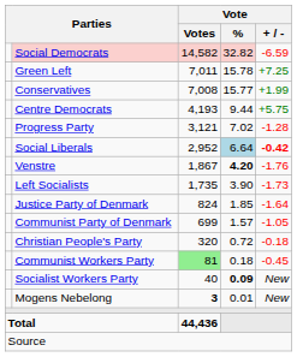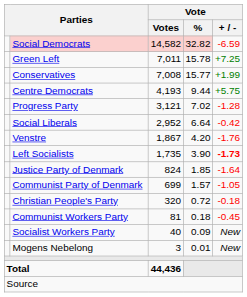 <table class="wikitable" style="text-align:right;">
 <tr>
 <th style="text-align:centre;" rowspan="2" colspan="2" width="225">Parties</th>
 <th colspan="3">Vote</th>
 </tr>
 <tr>
 <th width="15">Votes</th>
 <th width="15">%</th>
 <th width="15">+ / -</th>
 </tr>
 <tr>
 <td width="2" style="color:inherit;background:"></td>
 <td bgcolor=#fbd0ce  align="left"><a href='#'>Social Democrats</a></td>
 <td bgcolor=#fbd0ce>14,582</td>
 <td bgcolor=#fbd0ce>32.82</td>
 <td style=color:red;>-6.59</td>
 </tr>
 <tr>
 <td width="2" style="color:inherit;background:"></td>
 <td align="left"><a href='#'>Green Left</a></td>
 <td>7,011</td>
 <td>15.78</td>
 <td style=color:green;>+7.25</td>
 </tr>
 <tr>
 <td width="2" style="color:inherit;background:"></td>
 <td align="left"><a href='#'>Conservatives</a></td>
 <td>7,008</td>
 <td>15.77</td>
 <td style=color:green;>+1.99</td>
 </tr>
 <tr>
 <td width="2" style="color:inherit;background:"></td>
 <td align="left"><a href='#'>Centre Democrats</a></td>
 <td>4,193</td>
 <td>9.44</td>
 <td style=color:green;>+5.75</td>
 </tr>
 <tr>
 <td width="2" style="color:inherit;background:"></td>
 <td align="left"><a href='#'>Progress Party</a></td>
 <td>3,121</td>
 <td>7.02</td>
 <td style=color:red;>-1.28</td>
 </tr>
 <tr>
 <td width="2" style="color:inherit;background:"></td>
 <td align="left"><a href='#'>Social Liberals</a></td>
 <td>2,952</td>
-<td style="background: lightblue;">6.64</td>
-<td style=color:red;><strong>-0.42</strong></td>
+<td>6.64</td>
+<td style=color:red;>-0.42</td>
 </tr>
 <tr>
 <td width="2" style="color:inherit;background:"></td>
 <td align="left"><a href='#'>Venstre</a></td>
 <td>1,867</td>
-<td><strong>4.20</strong></td>
+<td>4.20</td>
 <td style=color:red;>-1.76</td>
 </tr>
 <tr>
 <td width="2" style="color:inherit;background:"></td>
 <td align="left"><a href='#'>Left Socialists</a></td>
 <td>1,735</td>
 <td>3.90</td>
-<td style=color:red;>-1.73</td>
+<td style=color:red;><strong>-1.73</strong></td>
 </tr>
 <tr>
 <td width="2" style="color:inherit;background:"></td>
 <td align="left"><a href='#'>Justice Party of Denmark</a></td>
 <td>824</td>
 <td>1.85</td>
 <td style=color:red;>-1.64</td>
 </tr>
 <tr>
 <td width="2" style="color:inherit;background:"></td>
 <td align="left"><a href='#'>Communist Party of Denmark</a></td>
 <td>699</td>
 <td>1.57</td>
 <td style=color:red;>-1.05</td>
 </tr>
 <tr>
 <td width="2" style="color:inherit;background:"></td>
 <td align="left"><a href='#'>Christian People's Party</a></td>
 <td>320</td>
 <td>0.72</td>
 <td style=color:red;>-0.18</td>
 </tr>
 <tr>
 <td width="2" style="color:inherit;background:"></td>
 <td align="left"><a href='#'>Communist Workers Party</a></td>
-<td style="background: lightgreen;">81</td>
+<td>81</td>
 <td>0.18</td>
 <td style=color:red;>-0.45</td>
 </tr>
 <tr>
 <td width="2" style="color:inherit;background:"></td>
 <td align="left"><a href='#'>Socialist Workers Party</a></td>
 <td>40</td>
-<td><strong>0.09</strong></td>
+<td>0.09</td>
 <td><em>New</em></td>
 </tr>
 <tr>
 <td width="2" style="color:inherit;background:"></td>
 <td align="left">Mogens Nebelong</td>
-<td><strong>3</strong></td>
+<td>3</td>
 <td>0.01</td>
 <td><em>New</em></td>
 </tr>
 <tr>
 <td colspan="7" bgcolor="#E9E9E9"></td>
 </tr>
 <tr>
 <td align="left" colspan="2"><strong>Total</strong></td>
 <td><strong>44,436</strong></td>
 <td bgcolor="#E9E9E9" colspan="2"></td>
 </tr>
 <tr>
 <td align="left" colspan="6">Source</td>
 </tr>
 </table>
